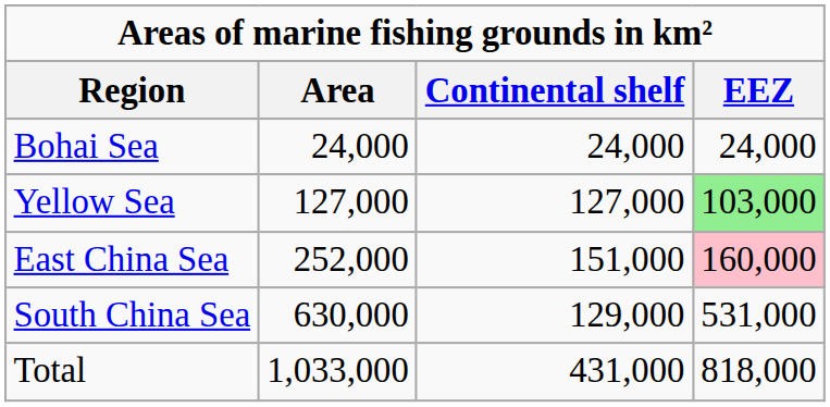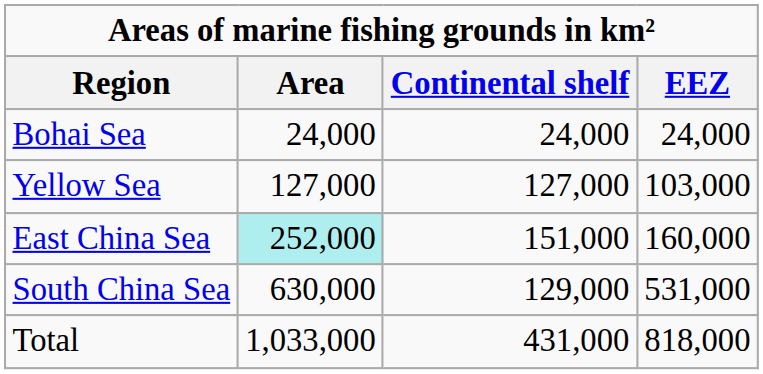 <table class="wikitable" border="1">
 <tr>
 <td colspan=4 align="center"><strong>Areas of marine fishing grounds in km²</strong></td>
 </tr>
 <tr>
 <th>Region</th>
 <th>Area</th>
 <th><a href='#'>Continental shelf</a></th>
 <th><a href='#'>EEZ</a></th>
 </tr>
 <tr>
 <td><a href='#'>Bohai Sea</a></td>
 <td align="right">24,000</td>
 <td align="right">24,000</td>
 <td align="right">24,000</td>
 </tr>
 <tr>
 <td><a href='#'>Yellow Sea</a></td>
 <td align="right">127,000</td>
 <td align="right">127,000</td>
-<td align="right" style="background: lightgreen;">103,000</td>
+<td align="right">103,000</td>
 </tr>
 <tr>
 <td><a href='#'>East China Sea</a></td>
-<td align="right">252,000</td>
+<td align="right" style="background: paleturquoise;">252,000</td>
 <td align="right">151,000</td>
-<td align="right" style="background: pink;">160,000</td>
+<td align="right">160,000</td>
 </tr>
 <tr>
 <td><a href='#'>South China Sea</a></td>
 <td align="right">630,000</td>
 <td align="right">129,000</td>
 <td align="right">531,000</td>
 </tr>
 <tr>
 <td>Total</td>
 <td align="right">1,033,000</td>
 <td align="right">431,000</td>
 <td align="right">818,000</td>
 </tr>
 </table>
